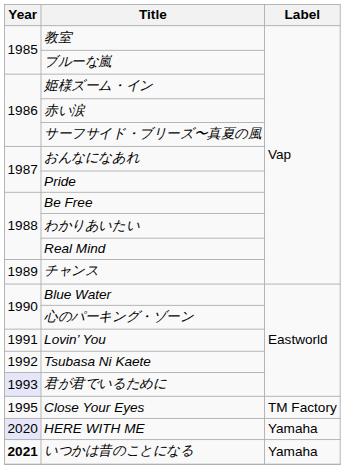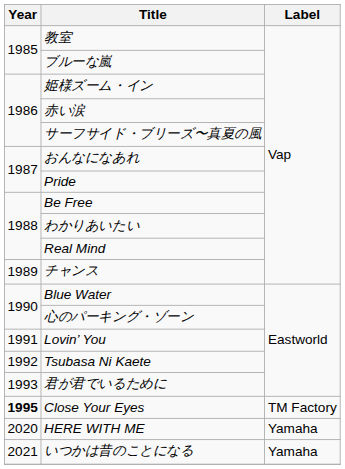 <table class="wikitable">
 <tr>
 <th>Year</th>
 <th>Title</th>
 <th>Label</th>
 </tr>
 <tr>
 <td rowspan=2>1985</td>
 <td><em>教室</em></td>
 <td rowspan=11>Vap</td>
 </tr>
 <tr>
 <td><em>ブルーな嵐</em></td>
 </tr>
 <tr>
 <td rowspan=3>1986</td>
 <td><em>姫様ズーム・イン</em></td>
 </tr>
 <tr>
 <td><em>赤い涙</em></td>
 </tr>
 <tr>
 <td><em>サーフサイド・ブリーズ〜真夏の風</em></td>
 </tr>
 <tr>
 <td rowspan=2>1987</td>
 <td><em>おんなになあれ</em></td>
 </tr>
 <tr>
 <td><em>Pride</em></td>
 </tr>
 <tr>
 <td rowspan=3>1988</td>
 <td><em>Be Free</em></td>
 </tr>
 <tr>
 <td><em>わかりあいたい</em></td>
 </tr>
 <tr>
 <td><em>Real Mind</em></td>
 </tr>
 <tr>
 <td>1989</td>
 <td><em>チャンス</em></td>
 </tr>
 <tr>
 <td rowspan=2>1990</td>
 <td><em>Blue Water</em></td>
 <td rowspan=5>Eastworld</td>
 </tr>
 <tr>
 <td><em>心のパーキング・ゾーン</em></td>
 </tr>
 <tr>
 <td>1991</td>
 <td><em>Lovin’ You</em></td>
 </tr>
 <tr>
 <td>1992</td>
 <td><em>Tsubasa Ni Kaete</em></td>
 </tr>
 <tr>
-<td style="background: lavender;">1993</td>
+<td>1993</td>
 <td><em>君が君でいるために</em></td>
 </tr>
 <tr>
-<td>1995</td>
+<td><strong>1995</strong></td>
 <td><em>Close Your Eyes</em></td>
 <td>TM Factory</td>
 </tr>
 <tr>
-<td style="background: lavender;">2020</td>
+<td>2020</td>
 <td><em>HERE WITH ME</em></td>
 <td>Yamaha</td>
 </tr>
 <tr>
-<td><strong>2021</strong></td>
+<td>2021</td>
 <td><em>いつかは昔のことになる</em></td>
 <td>Yamaha</td>
 </tr>
 <tr>
 </tr>
 </table>
